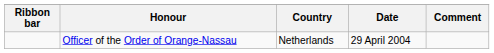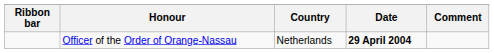 <table class="wikitable" style="width:60%;">
 <tr style="background:#ccf; text-align:center;">
 </tr>
 <tr>
 <th style="width:80px;">Ribbon bar</th>
 <th>Honour</th>
 <th>Country</th>
 <th>Date</th>
 <th>Comment</th>
 </tr>
 <tr>
 <td></td>
 <td><a href='#'>Officer</a> of the <a href='#'>Order of Orange-Nassau</a></td>
 <td>Netherlands</td>
-<td>29 April 2004</td>
+<td><strong>29 April 2004</strong></td>
 <td></td>
 </tr>
 </table>
